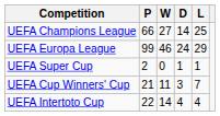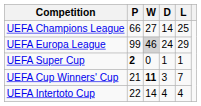 <table class="wikitable sortable">
 <tr>
 <th>Competition</th>
 <th>P</th>
 <th>W</th>
 <th>D</th>
 <th>L</th>
 <th></th>
 </tr>
 <tr>
 <td><a href='#'>UEFA Champions League</a></td>
 <td>66</td>
 <td>27</td>
 <td>14</td>
 <td>25</td>
 <td rowspan="5"></td>
 </tr>
 <tr>
 <td><a href='#'>UEFA Europa League</a></td>
 <td>99</td>
-<td>46</td>
+<td style="background: lightgrey;">46</td>
 <td>24</td>
 <td>29</td>
 </tr>
 <tr>
 <td><a href='#'>UEFA Super Cup</a></td>
-<td>2</td>
+<td><strong>2</strong></td>
 <td>0</td>
 <td>1</td>
 <td>1</td>
 </tr>
 <tr>
 <td><a href='#'>UEFA Cup Winners' Cup</a></td>
 <td>21</td>
-<td>11</td>
+<td><strong>11</strong></td>
 <td>3</td>
 <td>7</td>
 </tr>
 <tr>
 <td><a href='#'>UEFA Intertoto Cup</a></td>
 <td>22</td>
 <td>14</td>
 <td>4</td>
 <td>4</td>
 </tr>
 </table>
